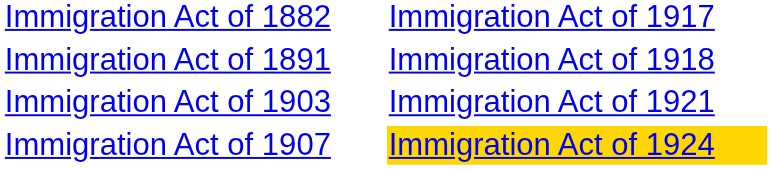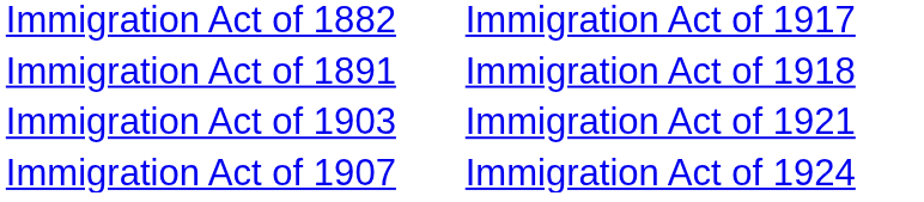 <table style="width: 45%; border: none; text-align: left;">
 <tr>
 <td><a href='#'>Immigration Act of 1882</a></td>
 <td><a href='#'>Immigration Act of 1917</a></td>
 </tr>
 <tr>
 <td><a href='#'>Immigration Act of 1891</a></td>
 <td><a href='#'>Immigration Act of 1918</a></td>
 </tr>
 <tr>
 <td><a href='#'>Immigration Act of 1903</a></td>
 <td><a href='#'>Immigration Act of 1921</a></td>
 </tr>
 <tr>
 <td><a href='#'>Immigration Act of 1907</a></td>
-<td style="background: gold;"><a href='#'>Immigration Act of 1924</a></td>
+<td><a href='#'>Immigration Act of 1924</a></td>
 </tr>
 </table>
